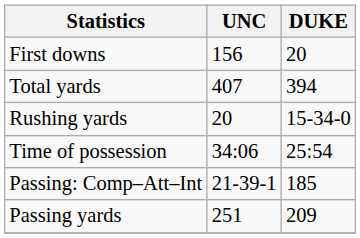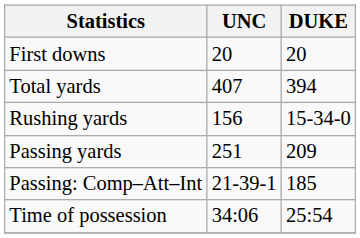 <table class="wikitable" style="float: left;">
 <tr>
 <th>Statistics</th>
 <th>UNC</th>
 <th>DUKE</th>
 </tr>
 <tr>
 <td>First downs</td>
-<td>156</td>
+<td>20</td>
 <td>20</td>
 </tr>
 <tr>
 <td>Total yards</td>
 <td>407</td>
 <td>394</td>
 </tr>
 <tr>
 <td>Rushing yards</td>
-<td>20</td>
+<td>156</td>
 <td>15-34-0</td>
+</tr>
+<tr>
+<td>Passing yards</td>
+<td>251</td>
+<td>209</td>
+</tr>
+<tr>
+<td>Passing: Comp–Att–Int</td>
+<td>21-39-1</td>
+<td>185</td>
 </tr>
 <tr>
 <td>Time of possession</td>
 <td>34:06</td>
 <td>25:54</td>
 </tr>
 <tr>
-<td>Passing: Comp–Att–Int</td>
-<td>21-39-1</td>
-<td>185</td>
-</tr>
-<tr>
-<td>Passing yards</td>
-<td>251</td>
-<td>209</td>
-</tr>
-<tr>
 </tr>
 </table>
